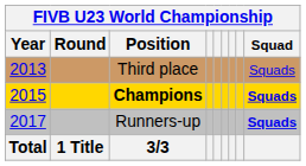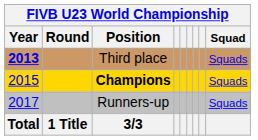 <table class="wikitable" style="text-align: center;">
 <tr>
 <th colspan=9><a href='#'>FIVB U23 World Championship</a></th>
 </tr>
 <tr>
 <th>Year</th>
 <th>Round</th>
 <th>Position</th>
 <th></th>
 <th></th>
 <th></th>
 <th></th>
 <th></th>
 <th><small>Squad</small></th>
 </tr>
 <tr bgcolor=cc9966>
-<td> <a href='#'>2013</a></td>
+<td><strong> <a href='#'>2013</a></strong></td>
 <td></td>
 <td>Third place</td>
 <td></td>
 <td></td>
 <td></td>
 <td></td>
 <td></td>
 <td><small><a href='#'>Squads</a></small></td>
 </tr>
 <tr bgcolor=gold>
 <td> <a href='#'>2015</a></td>
 <td></td>
 <td><strong>Champions</strong></td>
 <td></td>
 <td></td>
 <td></td>
 <td></td>
 <td></td>
-<td><strong><small><a href='#'>Squads</a></small></strong></td>
+<td><small><a href='#'>Squads</a></small></td>
 </tr>
 <tr bgcolor=silver>
 <td> <a href='#'>2017</a></td>
 <td></td>
 <td>Runners-up</td>
 <td></td>
 <td></td>
 <td></td>
 <td></td>
 <td></td>
-<td><strong><small><a href='#'>Squads</a></small></strong></td>
+<td><small><a href='#'>Squads</a></small></td>
 </tr>
 <tr>
 <th>Total</th>
 <th>1 Title</th>
 <th>3/3</th>
 <th></th>
 <th></th>
 <th></th>
 <th></th>
 <th></th>
 <th></th>
 </tr>
 </table>
